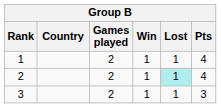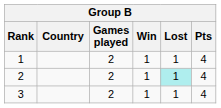 <table class="wikitable" style= "text-align: center; Width:50%">
 <tr>
 <th colspan= 6>Group B</th>
 </tr>
 <tr>
 <th width=2%>Rank</th>
 <th width=10%>Country</th>
 <th width=5%>Games <br> played</th>
 <th width=5%>Win</th>
 <th width=5%>Lost</th>
 <th width=5%>Pts</th>
 </tr>
 <tr>
 <td>1</td>
 <td style= "text-align: left"></td>
 <td>2</td>
 <td>1</td>
 <td>1</td>
 <td>4</td>
 </tr>
 <tr>
 <td>2</td>
 <td style= "text-align: left"></td>
 <td>2</td>
 <td>1</td>
 <td style="background: paleturquoise;">1</td>
 <td>4</td>
 </tr>
 <tr>
 <td>3</td>
 <td style= "text-align: left"></td>
 <td>2</td>
 <td>1</td>
 <td>1</td>
-<td>3</td>
+<td>4</td>
 </tr>
 </table>
